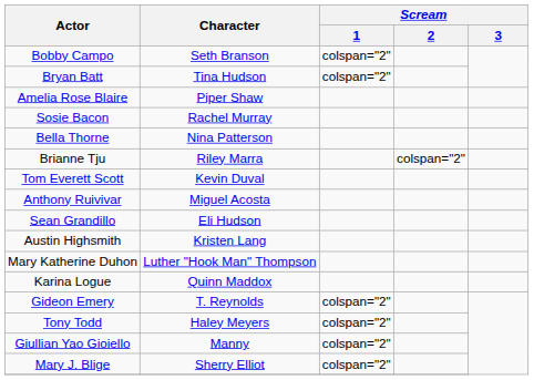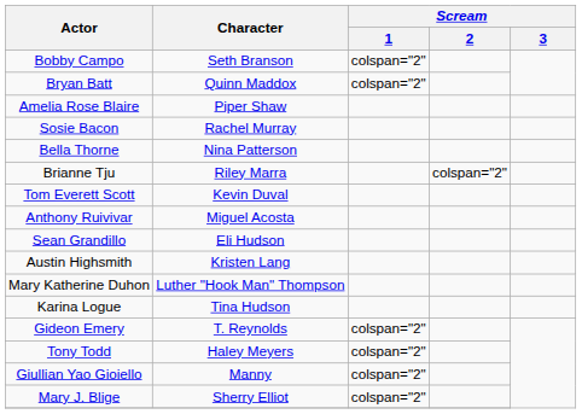 <table class="wikitable" style="text-align:center;">
 <tr>
 <th rowspan="2">Actor</th>
 <th rowspan="2">Character</th>
 <th colspan="3"><em><a href='#'>Scream</a></em></th>
 </tr>
 <tr>
 <th style="width:50pt;"><a href='#'>1</a></th>
 <th style="width:50pt;"><a href='#'>2</a></th>
 <th style="width:50pt;"><a href='#'>3</a></th>
 </tr>
 <tr>
 <td><a href='#'>Bobby Campo</a></td>
 <td><a href='#'>Seth Branson</a></td>
 <td>colspan="2" </td>
 <td></td>
 </tr>
 <tr>
 <td><a href='#'>Bryan Batt</a></td>
-<td><a href='#'>Tina Hudson</a></td>
+<td><a href='#'>Quinn Maddox</a></td>
 <td>colspan="2" </td>
 <td></td>
 </tr>
 <tr>
 <td><a href='#'>Amelia Rose Blaire</a></td>
 <td><a href='#'>Piper Shaw</a></td>
 <td></td>
 <td></td>
 <td></td>
 </tr>
 <tr>
 <td><a href='#'>Sosie Bacon</a></td>
 <td><a href='#'>Rachel Murray</a></td>
 <td></td>
 <td></td>
 <td></td>
 </tr>
 <tr>
 <td><a href='#'>Bella Thorne</a></td>
 <td><a href='#'>Nina Patterson</a></td>
 <td></td>
 <td></td>
 <td></td>
 </tr>
 <tr>
 <td>Brianne Tju</td>
 <td><a href='#'>Riley Marra</a></td>
 <td></td>
 <td>colspan="2" </td>
 </tr>
 <tr>
 <td><a href='#'>Tom Everett Scott</a></td>
 <td><a href='#'>Kevin Duval</a></td>
 <td></td>
 <td></td>
 <td></td>
 </tr>
 <tr>
 <td><a href='#'>Anthony Ruivivar</a></td>
 <td><a href='#'>Miguel Acosta</a></td>
 <td></td>
 <td></td>
 <td></td>
 </tr>
 <tr>
 <td><a href='#'>Sean Grandillo</a></td>
 <td><a href='#'>Eli Hudson</a></td>
 <td></td>
 <td></td>
 <td></td>
 </tr>
 <tr>
 <td>Austin Highsmith</td>
 <td><a href='#'>Kristen Lang</a></td>
 <td></td>
 <td></td>
 <td></td>
 </tr>
 <tr>
 <td>Mary Katherine Duhon</td>
 <td><a href='#'>Luther "Hook Man" Thompson</a></td>
 <td></td>
 <td></td>
 <td></td>
 </tr>
 <tr>
 <td>Karina Logue</td>
-<td><a href='#'>Quinn Maddox</a></td>
+<td><a href='#'>Tina Hudson</a></td>
 <td></td>
 <td></td>
 <td></td>
 </tr>
 <tr>
 <td><a href='#'>Gideon Emery</a></td>
 <td><a href='#'>T. Reynolds</a></td>
 <td>colspan="2" </td>
 <td></td>
 </tr>
 <tr>
 <td><a href='#'>Tony Todd</a></td>
 <td><a href='#'>Haley Meyers</a></td>
 <td>colspan="2" </td>
 <td></td>
 </tr>
 <tr>
 <td><a href='#'>Giullian Yao Gioiello</a></td>
 <td><a href='#'>Manny</a></td>
 <td>colspan="2" </td>
 <td></td>
 </tr>
 <tr>
 <td><a href='#'>Mary J. Blige</a></td>
 <td><a href='#'>Sherry Elliot</a></td>
 <td>colspan="2" </td>
 <td></td>
 </tr>
 <tr>
 </tr>
 </table>
